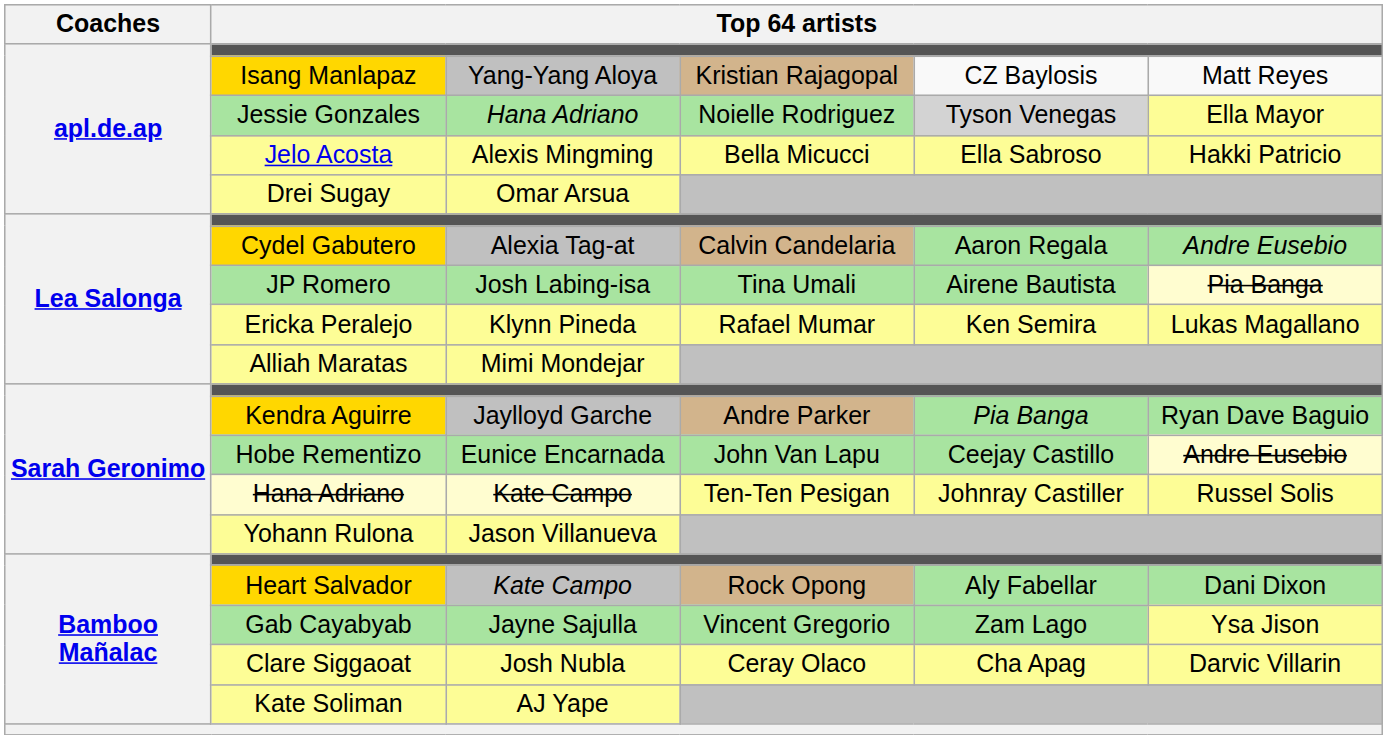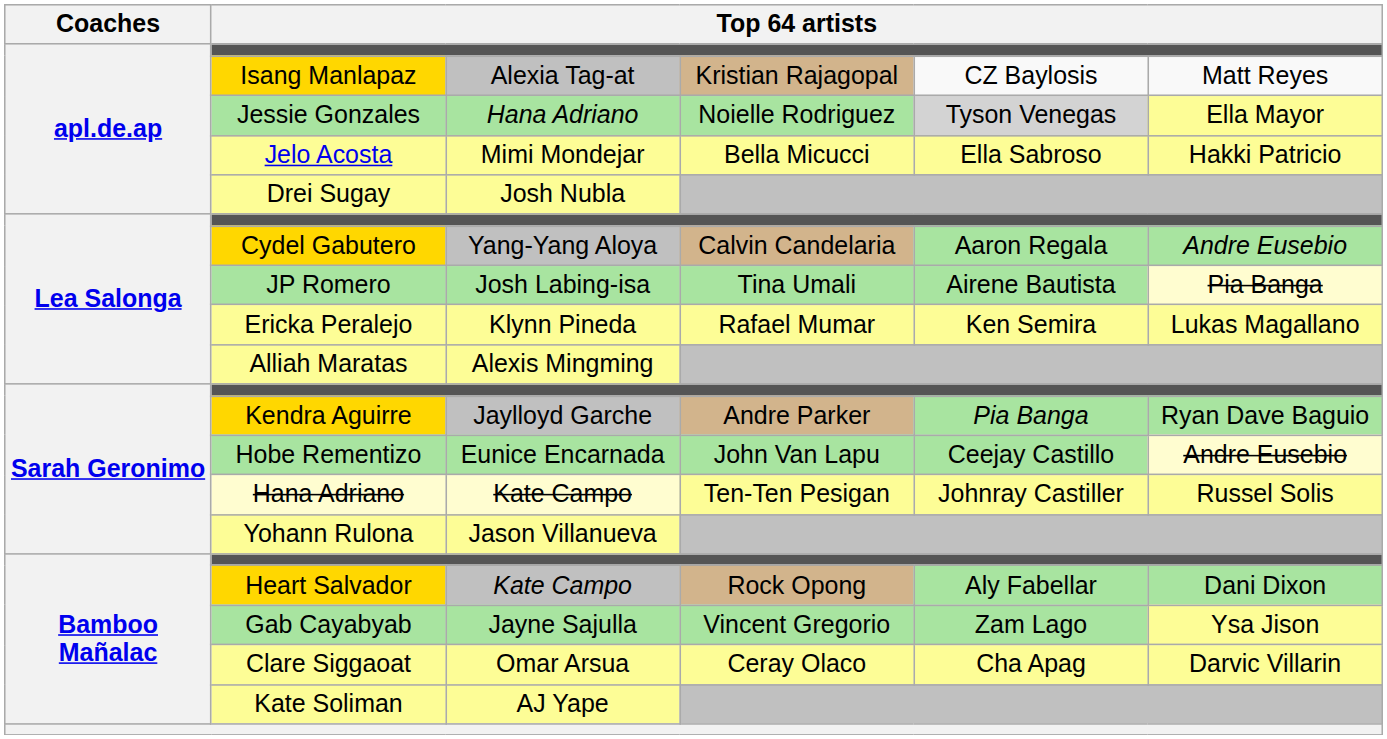 <table class="wikitable" style="text-align:center; width:100%;">
 <tr>
 <th width="15%" scope="col">Coaches</th>
 <th colspan="5" scope="col">Top 64 artists</th>
 </tr>
 <tr>
 <th rowspan="5"><a href='#'>apl.de.ap</a></th>
 <td colspan="5" style="background:#555555;"></td>
 </tr>
 <tr>
 <td style="width:17%; background:gold;">Isang Manlapaz</td>
-<td style="width:17%; background:silver;">Yang-Yang Aloya</td>
+<td style="background:silver;">Alexia Tag-at</td>
 <td style="background:tan;">Kristian Rajagopal</td>
 <td style="width:17%;" style="background:#A8E4A0">CZ Baylosis</td>
 <td style="width:17%;" style="background:#A8E4A0">Matt Reyes</td>
 </tr>
 <tr>
 <td style="background:#A8E4A0">Jessie Gonzales</td>
 <td style="background:#A8E4A0"><em>Hana Adriano</em></td>
 <td style="background:#A8E4A0">Noielle Rodriguez</td>
 <td style="background:lightgrey">Tyson Venegas</td>
 <td style="background:#FDFD96">Ella Mayor</td>
 </tr>
 <tr>
 <td style="background:#FDFD96"><a href='#'>Jelo Acosta</a></td>
-<td style="background:#FDFD96">Alexis Mingming</td>
+<td style="background:#FDFD96">Mimi Mondejar</td>
 <td style="background:#FDFD96">Bella Micucci</td>
 <td style="background:#FDFD96">Ella Sabroso</td>
 <td style="background:#FDFD96">Hakki Patricio</td>
 </tr>
 <tr>
 <td style="background:#FDFD96">Drei Sugay</td>
-<td style="background:#FDFD96">Omar Arsua</td>
+<td style="background:#FDFD96">Josh Nubla</td>
 <td style="background:silver" colspan=3></td>
 </tr>
 <tr>
 <th rowspan="5"><a href='#'>Lea Salonga</a></th>
 <td colspan="5" style="background:#555555;"></td>
 </tr>
 <tr>
 <td style="background:gold;">Cydel Gabutero</td>
-<td style="background:silver;">Alexia Tag-at</td>
+<td style="width:17%; background:silver;">Yang-Yang Aloya</td>
 <td style="width:17%; background:tan;">Calvin Candelaria</td>
 <td style="background:#A8E4A0">Aaron Regala</td>
 <td style="background:#A8E4A0"><em>Andre Eusebio</em></td>
 </tr>
 <tr>
 <td style="background:#A8E4A0">JP Romero</td>
 <td style="background:#A8E4A0">Josh Labing-isa</td>
 <td style="background:#A8E4A0">Tina Umali</td>
 <td style="background:#A8E4A0">Airene Bautista</td>
 <td style="background:#FFFDD0;"><s>Pia Banga</s></td>
 </tr>
 <tr>
 <td style="background:#FDFD96">Ericka Peralejo</td>
 <td style="background:#FDFD96">Klynn Pineda</td>
 <td style="background:#FDFD96">Rafael Mumar</td>
 <td style="background:#FDFD96">Ken Semira</td>
 <td style="background:#FDFD96">Lukas Magallano</td>
 </tr>
 <tr>
 <td style="background:#FDFD96">Alliah Maratas</td>
-<td style="background:#FDFD96">Mimi Mondejar</td>
+<td style="background:#FDFD96">Alexis Mingming</td>
 <td style="background:silver" colspan=3></td>
 </tr>
 <tr>
 <th rowspan="5"><a href='#'>Sarah Geronimo</a></th>
 <td colspan="5" style="background:#555555;"></td>
 </tr>
 <tr>
 <td style="background:gold;">Kendra Aguirre</td>
 <td style="background:silver;">Jaylloyd Garche</td>
 <td style="background:tan;">Andre Parker</td>
 <td style="background:#A8E4A0;"><em>Pia Banga</em></td>
 <td style="background:#A8E4A0;">Ryan Dave Baguio</td>
 </tr>
 <tr>
 <td style="background:#A8E4A0;">Hobe Rementizo</td>
 <td style="background:#A8E4A0;">Eunice Encarnada</td>
 <td style="background:#A8E4A0;">John Van Lapu</td>
 <td style="background:#A8E4A0;">Ceejay Castillo</td>
 <td style="background:#FFFDD0;"><s>Andre Eusebio</s></td>
 </tr>
 <tr>
 <td style="background:#FFFDD0;"><s>Hana Adriano</s></td>
 <td style="background:#FFFDD0;"><s>Kate Campo</s></td>
 <td style="background:#FDFD96">Ten-Ten Pesigan</td>
 <td style="background:#FDFD96">Johnray Castiller</td>
 <td style="background:#FDFD96">Russel Solis</td>
 </tr>
 <tr>
 <td style="background:#FDFD96">Yohann Rulona</td>
 <td style="background:#FDFD96">Jason Villanueva</td>
 <td style="background:silver" colspan=3></td>
 </tr>
 <tr>
 <th rowspan="5"><a href='#'>Bamboo Mañalac</a></th>
 <td colspan="5" style="background:#555555;"></td>
 </tr>
 <tr>
 <td style="background:gold;">Heart Salvador</td>
 <td style="background:silver;"><em>Kate Campo</em></td>
 <td style="background:tan;">Rock Opong</td>
 <td style="background:#A8E4A0">Aly Fabellar</td>
 <td style="background:#A8E4A0">Dani Dixon</td>
 </tr>
 <tr>
 <td style="background:#A8E4A0">Gab Cayabyab</td>
 <td style="background:#A8E4A0">Jayne Sajulla</td>
 <td style="background:#A8E4A0">Vincent Gregorio</td>
 <td style="background:#A8E4A0">Zam Lago</td>
 <td style="background:#FDFD96">Ysa Jison</td>
 </tr>
 <tr>
 <td style="background:#FDFD96">Clare Siggaoat</td>
-<td style="background:#FDFD96">Josh Nubla</td>
+<td style="background:#FDFD96">Omar Arsua</td>
 <td style="background:#FDFD96">Ceray Olaco</td>
 <td style="background:#FDFD96">Cha Apag</td>
 <td style="background:#FDFD96">Darvic Villarin</td>
 </tr>
 <tr>
 <td style="background:#FDFD96">Kate Soliman</td>
 <td style="background:#FDFD96">AJ Yape</td>
 <td style="background:silver" colspan=3></td>
 </tr>
 <tr>
 <th colspan="6" style="font-size:90%; line-height:12px;"><small></small></th>
 </tr>
 </table>
